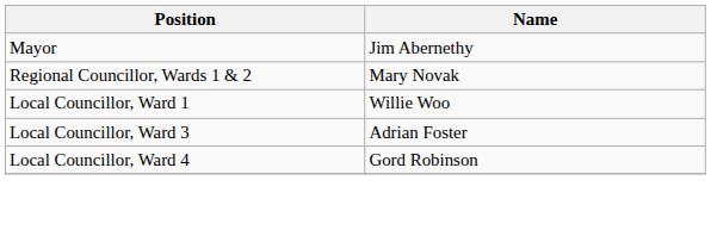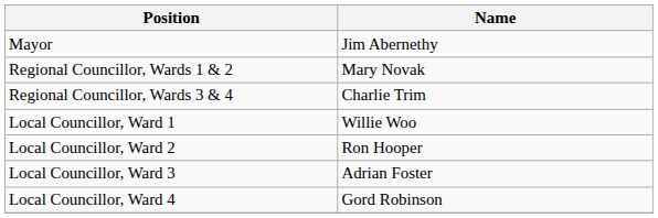 <table class="wikitable" style="width:50%;">
 <tr>
 <th bgcolor="#DDDDFF" width="50px">Position</th>
 <th bgcolor="#DDDDFF" width="50px">Name</th>
 </tr>
 <tr>
 <td>Mayor</td>
 <td>Jim Abernethy</td>
 </tr>
 <tr>
 <td>Regional Councillor, Wards 1 & 2</td>
 <td>Mary Novak</td>
 </tr>
 <tr>
+<td>Regional Councillor, Wards 3 & 4</td>
+<td>Charlie Trim</td>
+</tr>
+<tr>
 <td>Local Councillor, Ward 1</td>
 <td>Willie Woo</td>
+</tr>
+<tr>
+<td>Local Councillor, Ward 2</td>
+<td>Ron Hooper</td>
 </tr>
 <tr>
 <td>Local Councillor, Ward 3</td>
 <td>Adrian Foster</td>
 </tr>
 <tr>
 <td>Local Councillor, Ward 4</td>
 <td>Gord Robinson</td>
 </tr>
 <tr>
 </tr>
 </table>
